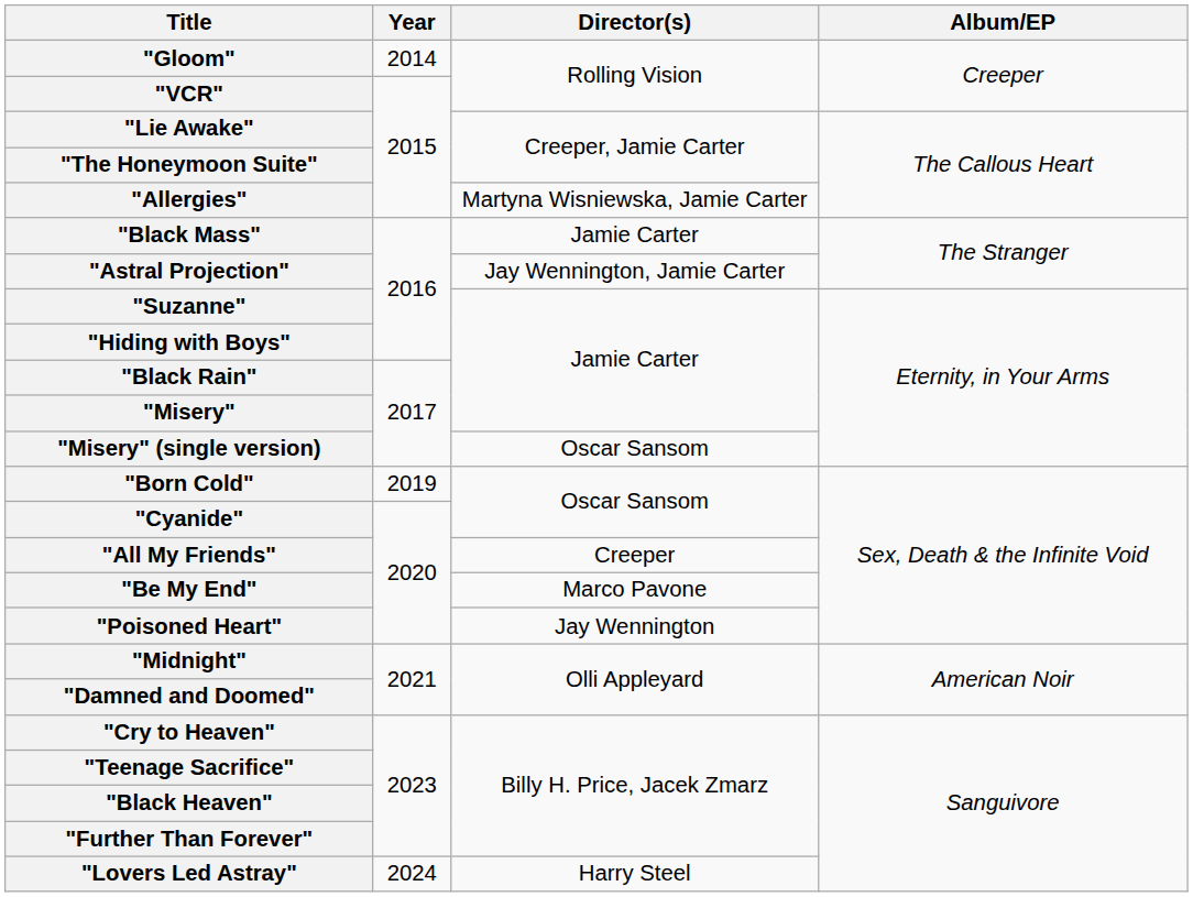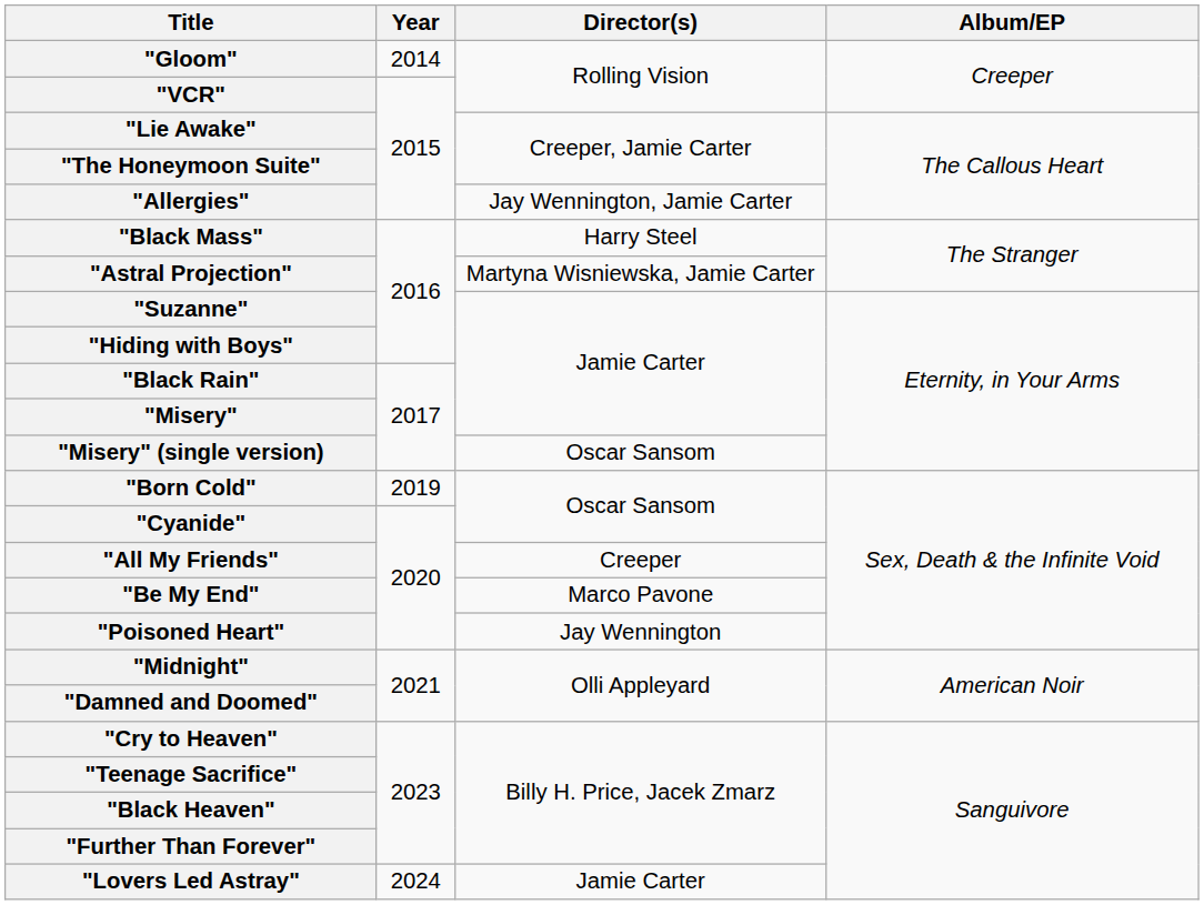 <table class="wikitable plainrowheaders" style="text-align:center;">
 <tr>
 <th scope="col" style="width:16em;">Title</th>
 <th scope="col" style="width:3em;">Year</th>
 <th scope="col" style="width:16em;">Director(s)</th>
 <th scope="col" style="width:16em;">Album/EP</th>
 </tr>
 <tr>
 <th scope="row">"Gloom"</th>
 <td>2014</td>
 <td rowspan="2">Rolling Vision</td>
 <td rowspan="2"><em>Creeper</em></td>
 </tr>
 <tr>
 <th scope="row">"VCR"</th>
 <td rowspan="4">2015</td>
 </tr>
 <tr>
 <th scope="row">"Lie Awake"</th>
 <td rowspan="2">Creeper, Jamie Carter</td>
 <td rowspan="3"><em>The Callous Heart</em></td>
 </tr>
 <tr>
 <th scope="row">"The Honeymoon Suite"</th>
 </tr>
 <tr>
 <th scope="row">"Allergies"</th>
-<td>Martyna Wisniewska, Jamie Carter</td>
+<td>Jay Wennington, Jamie Carter</td>
 </tr>
 <tr>
 <th scope="row">"Black Mass"</th>
 <td rowspan="4">2016</td>
-<td>Jamie Carter</td>
+<td>Harry Steel</td>
 <td rowspan="2"><em>The Stranger</em></td>
 </tr>
 <tr>
 <th scope="row">"Astral Projection"</th>
-<td>Jay Wennington, Jamie Carter</td>
+<td>Martyna Wisniewska, Jamie Carter</td>
 </tr>
 <tr>
 <th scope="row">"Suzanne"</th>
 <td rowspan="4">Jamie Carter</td>
 <td rowspan="5"><em>Eternity, in Your Arms</em></td>
 </tr>
 <tr>
 <th scope="row">"Hiding with Boys"</th>
 </tr>
 <tr>
 <th scope="row">"Black Rain"</th>
 <td rowspan="3">2017</td>
 </tr>
 <tr>
 <th scope="row">"Misery"</th>
 </tr>
 <tr>
 <th scope="row">"Misery" (single version)</th>
 <td>Oscar Sansom</td>
 </tr>
 <tr>
 <th scope="row">"Born Cold"</th>
 <td>2019</td>
 <td rowspan="2">Oscar Sansom</td>
 <td rowspan="5"><em>Sex, Death & the Infinite Void</em></td>
 </tr>
 <tr>
 <th scope="row">"Cyanide"</th>
 <td rowspan="4">2020</td>
 </tr>
 <tr>
 <th scope="row">"All My Friends"</th>
 <td>Creeper</td>
 </tr>
 <tr>
 <th scope="row">"Be My End"</th>
 <td>Marco Pavone</td>
 </tr>
 <tr>
 <th scope="row">"Poisoned Heart"</th>
 <td>Jay Wennington</td>
 </tr>
 <tr>
 <th scope="row">"Midnight"</th>
 <td rowspan="2">2021</td>
 <td rowspan="2">Olli Appleyard</td>
 <td rowspan="2"><em>American Noir</em></td>
 </tr>
 <tr>
 <th scope="row">"Damned and Doomed"</th>
 </tr>
 <tr>
 <th scope="row">"Cry to Heaven"</th>
 <td rowspan="4">2023</td>
 <td rowspan="4">Billy H. Price, Jacek Zmarz</td>
 <td rowspan="5"><em>Sanguivore</em></td>
 </tr>
 <tr>
 <th scope="row">"Teenage Sacrifice"</th>
 </tr>
 <tr>
 <th scope="row">"Black Heaven"</th>
 </tr>
 <tr>
 <th scope="row">"Further Than Forever"</th>
 </tr>
 <tr>
 <th scope="row">"Lovers Led Astray"</th>
 <td>2024</td>
-<td>Harry Steel</td>
+<td>Jamie Carter</td>
 </tr>
 </table>
